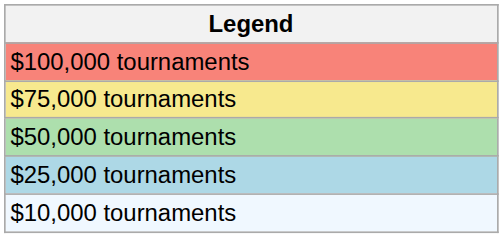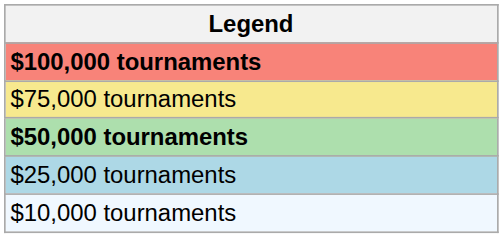 <table class="wikitable" style="font-size:90%;" width=15%>
 <tr>
 <th>Legend</th>
 </tr>
 <tr style="background:#f88379;">
-<td>$100,000 tournaments</td>
+<td><strong>$100,000 tournaments</strong></td>
 </tr>
 <tr style="background:#f7e98e;">
 <td>$75,000 tournaments</td>
 </tr>
 <tr style="background:#addfad;">
-<td>$50,000 tournaments</td>
+<td><strong>$50,000 tournaments</strong></td>
 </tr>
 <tr style="background:lightblue;">
 <td>$25,000 tournaments</td>
 </tr>
 <tr style="background:#f0f8ff;">
 <td>$10,000 tournaments</td>
 </tr>
 </table>
